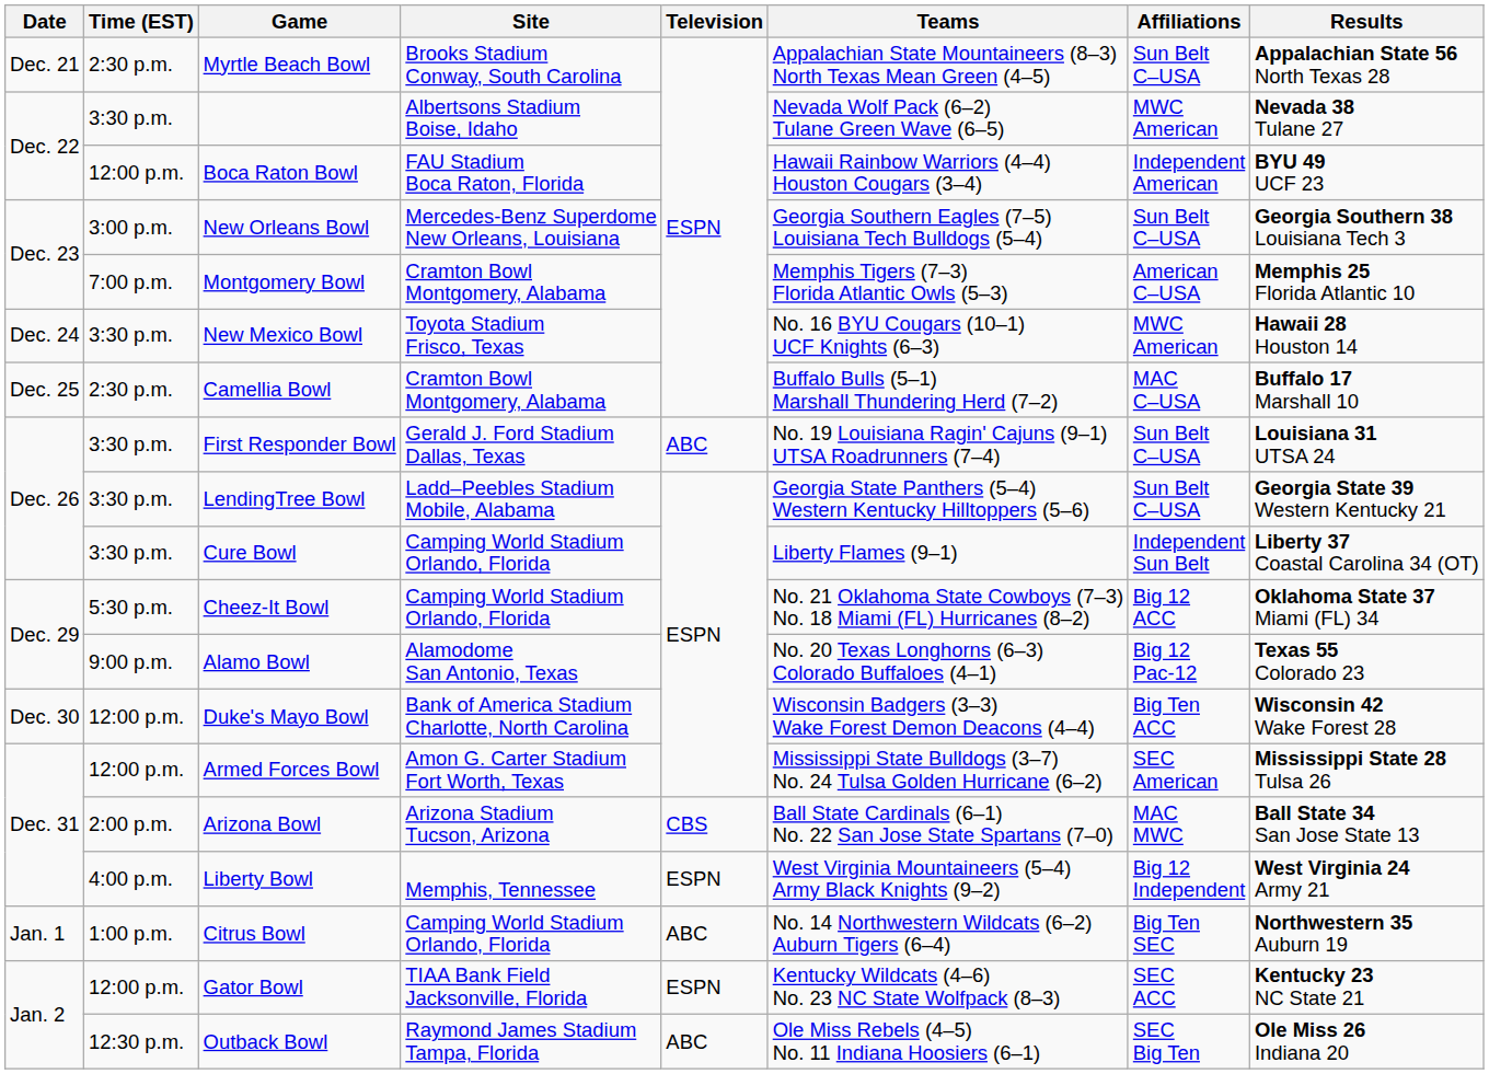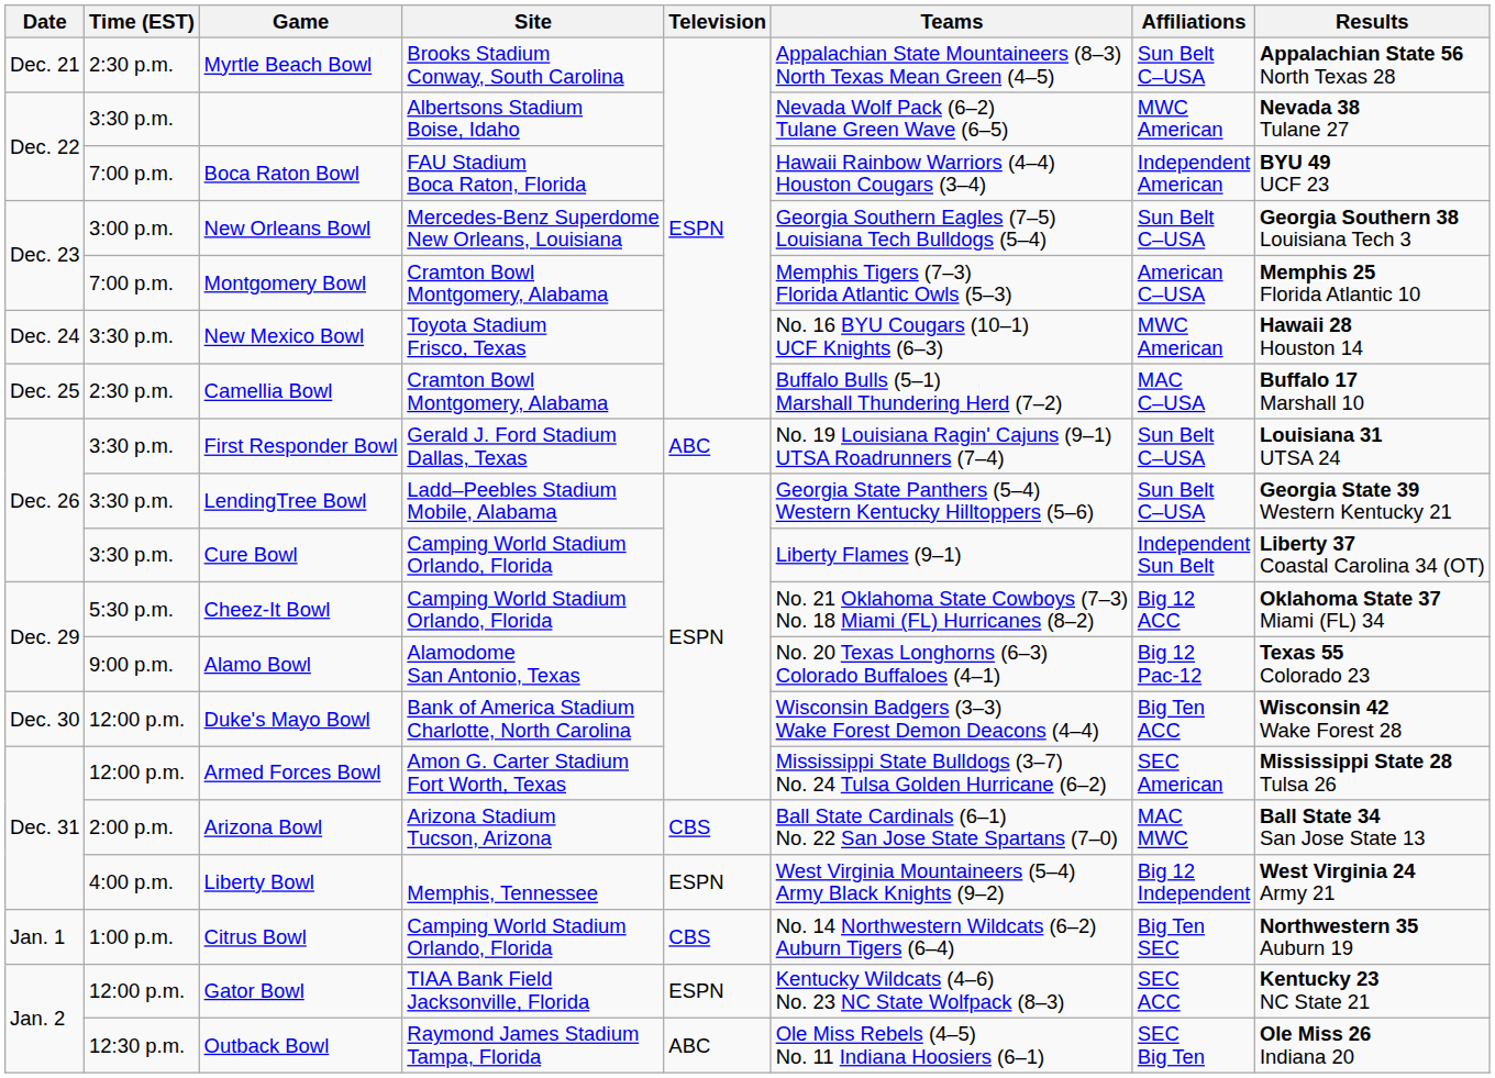 <table class="wikitable" style="font-size:90%">
 <tr>
 <th>Date</th>
 <th>Time (EST)</th>
 <th>Game</th>
 <th>Site</th>
 <th>Television</th>
 <th>Teams</th>
 <th>Affiliations</th>
 <th>Results</th>
 </tr>
 <tr>
 <td>Dec. 21</td>
 <td>2:30 p.m.</td>
 <td><a href='#'>Myrtle Beach Bowl</a></td>
 <td><a href='#'>Brooks Stadium</a><br><a href='#'>Conway, South Carolina</a></td>
 <td rowspan=7><a href='#'>ESPN</a></td>
 <td><a href='#'>Appalachian State Mountaineers</a> (8–3)<br><a href='#'>North Texas Mean Green</a> (4–5)</td>
 <td><a href='#'>Sun Belt</a><br><a href='#'>C–USA</a></td>
 <td><strong>Appalachian State 56</strong><br>North Texas 28</td>
 </tr>
 <tr>
 <td rowspan=2>Dec. 22</td>
 <td>3:30 p.m.</td>
 <td></td>
 <td><a href='#'>Albertsons Stadium</a><br><a href='#'>Boise, Idaho</a></td>
 <td><a href='#'>Nevada Wolf Pack</a> (6–2)<br><a href='#'>Tulane Green Wave</a> (6–5)</td>
 <td><a href='#'>MWC</a><br><a href='#'>American</a></td>
 <td><strong>Nevada 38</strong><br>Tulane 27</td>
 </tr>
 <tr>
-<td>12:00 p.m.</td>
+<td>7:00 p.m.</td>
 <td><a href='#'>Boca Raton Bowl</a></td>
 <td><a href='#'>FAU Stadium</a><br><a href='#'>Boca Raton, Florida</a></td>
 <td><a href='#'>Hawaii Rainbow Warriors</a> (4–4)<br><a href='#'>Houston Cougars</a> (3–4)</td>
 <td><a href='#'>Independent</a><br><a href='#'>American</a></td>
 <td><strong>BYU 49</strong><br>UCF 23</td>
 </tr>
 <tr>
 <td rowspan=2>Dec. 23</td>
 <td>3:00 p.m.</td>
 <td><a href='#'>New Orleans Bowl</a></td>
 <td><a href='#'>Mercedes-Benz Superdome</a><br><a href='#'>New Orleans, Louisiana</a></td>
 <td><a href='#'>Georgia Southern Eagles</a> (7–5)<br><a href='#'>Louisiana Tech Bulldogs</a> (5–4)</td>
 <td><a href='#'>Sun Belt</a><br><a href='#'>C–USA</a></td>
 <td><strong>Georgia Southern 38</strong><br>Louisiana Tech 3</td>
 </tr>
 <tr>
 <td>7:00 p.m.</td>
 <td><a href='#'>Montgomery Bowl</a></td>
 <td><a href='#'>Cramton Bowl</a><br><a href='#'>Montgomery, Alabama</a></td>
 <td><a href='#'>Memphis Tigers</a> (7–3)<br><a href='#'>Florida Atlantic Owls</a> (5–3)</td>
 <td><a href='#'>American</a><br><a href='#'>C–USA</a></td>
 <td><strong>Memphis 25</strong><br>Florida Atlantic 10</td>
 </tr>
 <tr>
 <td>Dec. 24</td>
 <td>3:30 p.m.</td>
 <td><a href='#'>New Mexico Bowl</a></td>
 <td><a href='#'>Toyota Stadium</a><br><a href='#'>Frisco, Texas</a></td>
 <td>No. 16 <a href='#'>BYU Cougars</a> (10–1)<br><a href='#'>UCF Knights</a> (6–3)</td>
 <td><a href='#'>MWC</a><br><a href='#'>American</a></td>
 <td><strong>Hawaii 28</strong><br>Houston 14</td>
 </tr>
 <tr>
 <td>Dec. 25</td>
 <td>2:30 p.m.</td>
 <td><a href='#'>Camellia Bowl</a></td>
 <td><a href='#'>Cramton Bowl</a><br><a href='#'>Montgomery, Alabama</a></td>
 <td><a href='#'>Buffalo Bulls</a> (5–1)<br><a href='#'>Marshall Thundering Herd</a> (7–2)</td>
 <td><a href='#'>MAC</a><br><a href='#'>C–USA</a></td>
 <td><strong>Buffalo 17</strong><br>Marshall 10</td>
 </tr>
 <tr>
 <td rowspan=3>Dec. 26<br></td>
 <td>3:30 p.m.</td>
 <td><a href='#'>First Responder Bowl</a></td>
 <td><a href='#'>Gerald J. Ford Stadium</a><br><a href='#'>Dallas, Texas</a></td>
 <td><a href='#'>ABC</a></td>
 <td>No. 19 <a href='#'>Louisiana Ragin' Cajuns</a> (9–1)<br><a href='#'>UTSA Roadrunners</a> (7–4)</td>
 <td><a href='#'>Sun Belt</a><br><a href='#'>C–USA</a></td>
 <td><strong>Louisiana 31</strong><br>UTSA 24</td>
 </tr>
 <tr>
 <td>3:30 p.m.</td>
 <td><a href='#'>LendingTree Bowl</a></td>
 <td><a href='#'>Ladd–Peebles Stadium</a><br><a href='#'>Mobile, Alabama</a></td>
 <td rowspan=6>ESPN</td>
 <td><a href='#'>Georgia State Panthers</a> (5–4)<br><a href='#'>Western Kentucky Hilltoppers</a> (5–6)</td>
 <td><a href='#'>Sun Belt</a><br><a href='#'>C–USA</a></td>
 <td><strong>Georgia State 39</strong><br>Western Kentucky 21</td>
 </tr>
 <tr>
 <td>3:30 p.m.</td>
 <td><a href='#'>Cure Bowl</a></td>
 <td><a href='#'>Camping World Stadium</a><br><a href='#'>Orlando, Florida</a></td>
 <td><a href='#'>Liberty Flames</a> (9–1)<br></td>
 <td><a href='#'>Independent</a><br><a href='#'>Sun Belt</a></td>
 <td><strong>Liberty 37</strong><br>Coastal Carolina 34 (OT)</td>
 </tr>
 <tr>
 <td rowspan=2>Dec. 29</td>
 <td>5:30 p.m.</td>
 <td><a href='#'>Cheez-It Bowl</a></td>
 <td><a href='#'>Camping World Stadium</a><br><a href='#'>Orlando, Florida</a></td>
 <td>No. 21 <a href='#'>Oklahoma State Cowboys</a> (7–3)<br>No. 18 <a href='#'>Miami (FL) Hurricanes</a> (8–2)</td>
 <td><a href='#'>Big 12</a><br><a href='#'>ACC</a></td>
 <td><strong>Oklahoma State 37</strong><br>Miami (FL) 34</td>
 </tr>
 <tr>
 <td>9:00 p.m.</td>
 <td><a href='#'>Alamo Bowl</a></td>
 <td><a href='#'>Alamodome</a><br><a href='#'>San Antonio, Texas</a></td>
 <td>No. 20 <a href='#'>Texas Longhorns</a> (6–3)<br><a href='#'>Colorado Buffaloes</a> (4–1)</td>
 <td><a href='#'>Big 12</a><br><a href='#'>Pac-12</a></td>
 <td><strong>Texas 55</strong><br>Colorado 23</td>
 </tr>
 <tr>
 <td>Dec. 30</td>
 <td>12:00 p.m.</td>
 <td><a href='#'>Duke's Mayo Bowl</a></td>
 <td><a href='#'>Bank of America Stadium</a><br><a href='#'>Charlotte, North Carolina</a></td>
 <td><a href='#'>Wisconsin Badgers</a> (3–3)<br><a href='#'>Wake Forest Demon Deacons</a> (4–4)</td>
 <td><a href='#'>Big Ten</a><br><a href='#'>ACC</a></td>
 <td><strong>Wisconsin 42</strong><br>Wake Forest 28</td>
 </tr>
 <tr>
 <td rowspan=3>Dec. 31</td>
 <td>12:00 p.m.</td>
 <td><a href='#'>Armed Forces Bowl</a></td>
 <td><a href='#'>Amon G. Carter Stadium</a><br><a href='#'>Fort Worth, Texas</a></td>
 <td><a href='#'>Mississippi State Bulldogs</a> (3–7)<br>No. 24 <a href='#'>Tulsa Golden Hurricane</a> (6–2)</td>
 <td><a href='#'>SEC</a><br><a href='#'>American</a></td>
 <td><strong>Mississippi State 28</strong><br>Tulsa 26</td>
 </tr>
 <tr>
 <td>2:00 p.m.</td>
 <td><a href='#'>Arizona Bowl</a></td>
 <td><a href='#'>Arizona Stadium</a><br><a href='#'>Tucson, Arizona</a></td>
 <td><a href='#'>CBS</a></td>
 <td><a href='#'>Ball State Cardinals</a> (6–1)<br>No. 22 <a href='#'>San Jose State Spartans</a> (7–0)</td>
 <td><a href='#'>MAC</a><br><a href='#'>MWC</a></td>
 <td><strong>Ball State 34</strong><br>San Jose State 13</td>
 </tr>
 <tr>
 <td>4:00 p.m.</td>
 <td><a href='#'>Liberty Bowl</a></td>
 <td><br><a href='#'>Memphis, Tennessee</a></td>
 <td>ESPN</td>
 <td><a href='#'>West Virginia Mountaineers</a> (5–4)<br><a href='#'>Army Black Knights</a> (9–2)</td>
 <td><a href='#'>Big 12</a><br><a href='#'>Independent</a></td>
 <td><strong>West Virginia 24</strong><br>Army 21</td>
 </tr>
 <tr>
 <td>Jan. 1</td>
 <td>1:00 p.m.</td>
 <td><a href='#'>Citrus Bowl</a></td>
 <td><a href='#'>Camping World Stadium</a><br><a href='#'>Orlando, Florida</a></td>
-<td>ABC</td>
+<td><a href='#'>CBS</a></td>
 <td>No. 14 <a href='#'>Northwestern Wildcats</a> (6–2)<br><a href='#'>Auburn Tigers</a> (6–4)</td>
 <td><a href='#'>Big Ten</a><br><a href='#'>SEC</a></td>
 <td><strong>Northwestern 35</strong><br>Auburn 19</td>
 </tr>
 <tr>
 <td rowspan=2>Jan. 2</td>
 <td>12:00 p.m.</td>
 <td><a href='#'>Gator Bowl</a></td>
 <td><a href='#'>TIAA Bank Field</a><br><a href='#'>Jacksonville, Florida</a></td>
 <td>ESPN</td>
 <td><a href='#'>Kentucky Wildcats</a> (4–6)<br>No. 23 <a href='#'>NC State Wolfpack</a> (8–3)</td>
 <td><a href='#'>SEC</a><br><a href='#'>ACC</a></td>
 <td><strong>Kentucky 23</strong><br>NC State 21</td>
 </tr>
 <tr>
 <td>12:30 p.m.</td>
 <td><a href='#'>Outback Bowl</a></td>
 <td><a href='#'>Raymond James Stadium</a><br><a href='#'>Tampa, Florida</a></td>
 <td>ABC</td>
 <td><a href='#'>Ole Miss Rebels</a> (4–5)<br>No. 11 <a href='#'>Indiana Hoosiers</a> (6–1)</td>
 <td><a href='#'>SEC</a><br><a href='#'>Big Ten</a></td>
 <td><strong>Ole Miss 26</strong><br>Indiana 20</td>
 </tr>
 </table>
